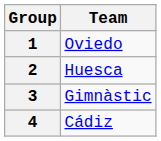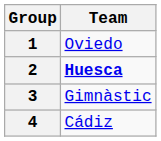 <table class="wikitable">
 <tr>
 <th>Group</th>
 <th>Team</th>
 </tr>
 <tr>
 <th>1</th>
 <td><a href='#'>Oviedo</a></td>
 </tr>
 <tr>
 <th>2</th>
-<td><a href='#'>Huesca</a></td>
+<td><strong><a href='#'>Huesca</a></strong></td>
 </tr>
 <tr>
 <th>3</th>
 <td><a href='#'>Gimnàstic</a></td>
 </tr>
 <tr>
 <th>4</th>
 <td><a href='#'>Cádiz</a></td>
 </tr>
 </table>
